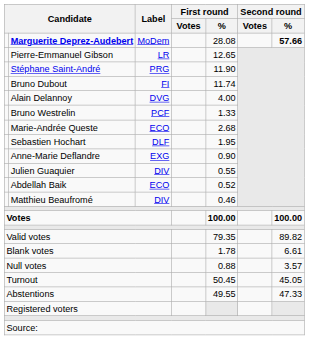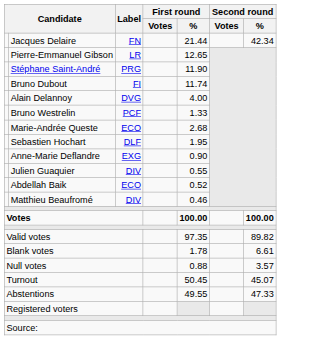 <table class="wikitable" style="text-align:right;font-size:95%;">
 <tr>
 <th rowspan="2" colspan="2">Candidate</th>
 <th rowspan="2">Label</th>
 <th colspan="2">First round</th>
 <th colspan="2">Second round</th>
 </tr>
 <tr>
 <th style="width:50px;">Votes</th>
 <th style="width:45px;">%</th>
 <th style="width:50px;">Votes</th>
 <th style="width:45px;">%</th>
 </tr>
 <tr>
 <td style="color:inherit;background:"></td>
-<td style="text-align:left;"><strong><a href='#'>Marguerite Deprez-Audebert</a></strong></td>
-<td><a href='#'>MoDem</a></td>
+<td style="text-align:left;">Jacques Delaire</td>
+<td><a href='#'>FN</a></td>
 <td></td>
-<td>28.08</td>
-<td><strong></strong></td>
-<td><strong>57.66</strong></td>
+<td>21.44</td>
+<td></td>
+<td>42.34</td>
 </tr>
 <tr>
 <td style="color:inherit;background:"></td>
 <td style="text-align:left;">Pierre-Emmanuel Gibson</td>
 <td><a href='#'>LR</a></td>
 <td></td>
 <td>12.65</td>
 <td colspan="2" rowspan="11" style="background:#E9E9E9;"></td>
 </tr>
 <tr>
 <td style="color:inherit;background:"></td>
 <td style="text-align:left;"><a href='#'>Stéphane Saint-André</a></td>
 <td><a href='#'>PRG</a></td>
 <td></td>
 <td>11.90</td>
 </tr>
 <tr>
 <td style="color:inherit;background:"></td>
 <td style="text-align:left;">Bruno Dubout</td>
 <td><a href='#'>FI</a></td>
 <td></td>
 <td>11.74</td>
 </tr>
 <tr>
 <td style="color:inherit;background:"></td>
 <td style="text-align:left;">Alain Delannoy</td>
 <td><a href='#'>DVG</a></td>
 <td></td>
 <td>4.00</td>
 </tr>
 <tr>
 <td style="color:inherit;background:"></td>
 <td style="text-align:left;">Bruno Westrelin</td>
 <td><a href='#'>PCF</a></td>
 <td></td>
 <td>1.33</td>
 </tr>
 <tr>
 <td style="color:inherit;background:"></td>
 <td style="text-align:left;">Marie-Andrée Queste</td>
 <td><a href='#'>ECO</a></td>
 <td></td>
 <td>2.68</td>
 </tr>
 <tr>
 <td style="color:inherit;background:"></td>
 <td style="text-align:left;">Sebastien Hochart</td>
 <td><a href='#'>DLF</a></td>
 <td></td>
 <td>1.95</td>
 </tr>
 <tr>
 <td style="color:inherit;background:"></td>
 <td style="text-align:left;">Anne-Marie Deflandre</td>
 <td><a href='#'>EXG</a></td>
 <td></td>
 <td>0.90</td>
 </tr>
 <tr>
 <td style="color:inherit;background:"></td>
 <td style="text-align:left;">Julien Guaquier</td>
 <td><a href='#'>DIV</a></td>
 <td></td>
 <td>0.55</td>
 </tr>
 <tr>
 <td style="color:inherit;background:"></td>
 <td style="text-align:left;">Abdellah Baik</td>
 <td><a href='#'>ECO</a></td>
 <td></td>
 <td>0.52</td>
 </tr>
 <tr>
 <td style="color:inherit;background:"></td>
 <td style="text-align:left;">Matthieu Beaufromé</td>
 <td><a href='#'>DIV</a></td>
 <td></td>
 <td>0.46</td>
 </tr>
 <tr>
 <td colspan="7" style="background:#E9E9E9;"></td>
 </tr>
 <tr style="font-weight:bold;">
 <td colspan="3" style="text-align:left;">Votes</td>
 <td></td>
 <td>100.00</td>
 <td></td>
 <td>100.00</td>
 </tr>
 <tr>
 <td colspan="7" style="background:#E9E9E9;"></td>
 </tr>
 <tr>
 <td colspan="3" style="text-align:left;">Valid votes</td>
 <td></td>
-<td>79.35</td>
+<td>97.35</td>
 <td></td>
 <td>89.82</td>
 </tr>
 <tr>
 <td colspan="3" style="text-align:left;">Blank votes</td>
 <td></td>
 <td>1.78</td>
 <td></td>
 <td>6.61</td>
 </tr>
 <tr>
 <td colspan="3" style="text-align:left;">Null votes</td>
 <td></td>
 <td>0.88</td>
 <td></td>
 <td>3.57</td>
 </tr>
 <tr>
 <td colspan="3" style="text-align:left;">Turnout</td>
 <td></td>
 <td>50.45</td>
 <td></td>
-<td>45.05</td>
+<td>45.07</td>
 </tr>
 <tr>
 <td colspan="3" style="text-align:left;">Abstentions</td>
 <td></td>
 <td>49.55</td>
 <td></td>
 <td>47.33</td>
 </tr>
 <tr>
 <td colspan="3" style="text-align:left;">Registered voters</td>
 <td></td>
 <td style="background:#E9E9E9;"></td>
 <td></td>
 <td style="background:#E9E9E9;"></td>
 </tr>
 <tr>
 <td colspan="7" style="background:#E9E9E9;"></td>
 </tr>
 <tr>
 <td colspan="7" style="text-align:left;">Source: </td>
 </tr>
 </table>
